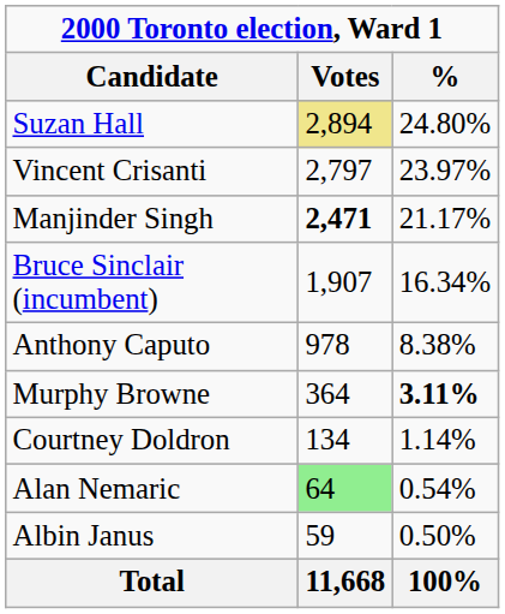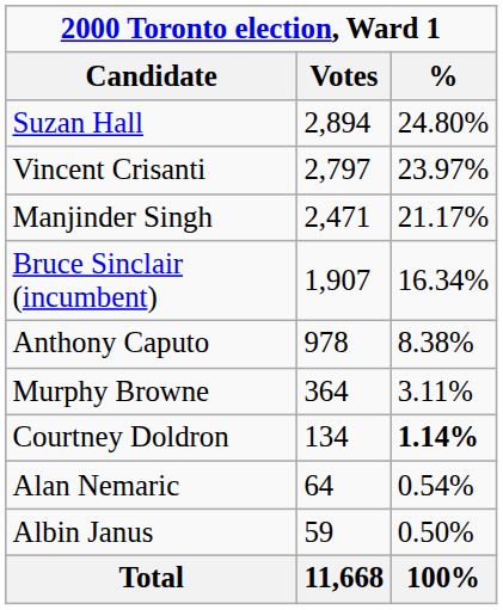 <table class="wikitable">
 <tr>
 <td Colspan="3" align="center"><strong><a href='#'>2000 Toronto election</a>, Ward 1</strong></td>
 </tr>
 <tr>
 <th bgcolor="#DDDDFF" width="150px">Candidate</th>
 <th bgcolor="#DDDDFF">Votes</th>
 <th bgcolor="#DDDDFF">%</th>
 </tr>
 <tr>
 <td><a href='#'>Suzan Hall</a></td>
-<td style="background: khaki;">2,894</td>
+<td>2,894</td>
 <td>24.80%</td>
 </tr>
 <tr>
 <td>Vincent Crisanti</td>
 <td>2,797</td>
 <td>23.97%</td>
 </tr>
 <tr>
 <td>Manjinder Singh</td>
-<td><strong>2,471</strong></td>
+<td>2,471</td>
 <td>21.17%</td>
 </tr>
 <tr>
 <td><a href='#'>Bruce Sinclair</a> (<a href='#'>incumbent</a>)</td>
 <td>1,907</td>
 <td>16.34%</td>
 </tr>
 <tr>
 <td>Anthony Caputo</td>
 <td>978</td>
 <td>8.38%</td>
 </tr>
 <tr>
 <td>Murphy Browne</td>
 <td>364</td>
-<td><strong>3.11%</strong></td>
+<td>3.11%</td>
 </tr>
 <tr>
 <td>Courtney Doldron</td>
 <td>134</td>
-<td>1.14%</td>
+<td><strong>1.14%</strong></td>
 </tr>
 <tr>
 <td>Alan Nemaric</td>
-<td style="background: lightgreen;">64</td>
+<td>64</td>
 <td>0.54%</td>
 </tr>
 <tr>
 <td>Albin Janus</td>
 <td>59</td>
 <td>0.50%</td>
 </tr>
 <tr>
 <th>Total</th>
 <th align=right>11,668</th>
 <th align=right>100%</th>
 </tr>
 </table>
